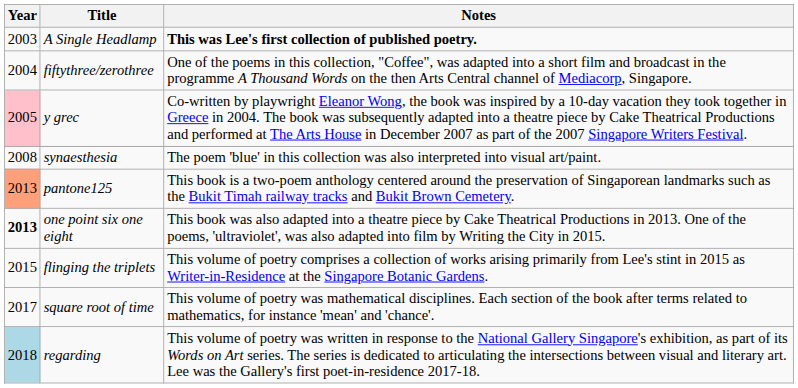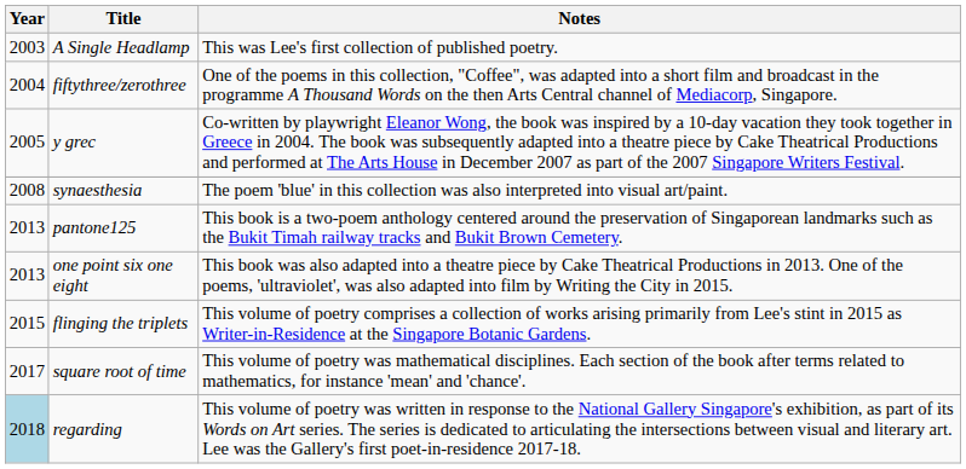 <table class="wikitable sortable">
 <tr>
 <th>Year</th>
 <th>Title</th>
 <th class="unsortable">Notes</th>
 </tr>
 <tr>
 <td>2003</td>
 <td><em>A Single Headlamp</em></td>
-<td><strong>This was Lee's first collection of published poetry.</strong></td>
+<td>This was Lee's first collection of published poetry.</td>
 </tr>
 <tr>
 <td>2004</td>
 <td><em>fiftythree/zerothree</em></td>
 <td>One of the poems in this collection, "Coffee", was adapted into a short film and broadcast in the programme <em>A Thousand Words</em> on the then Arts Central channel of <a href='#'>Mediacorp</a>, Singapore.</td>
 </tr>
 <tr>
-<td style="background: pink;">2005</td>
+<td>2005</td>
 <td><em>y grec</em></td>
 <td>Co-written by playwright <a href='#'>Eleanor Wong</a>, the book was inspired by a 10-day vacation they took together in <a href='#'>Greece</a> in 2004. The book was subsequently adapted into a theatre piece by Cake Theatrical Productions and performed at <a href='#'>The Arts House</a> in December 2007 as part of the 2007 <a href='#'>Singapore Writers Festival</a>.</td>
 </tr>
 <tr>
 </tr>
 <tr>
 <td>2008</td>
 <td><em>synaesthesia</em></td>
 <td>The poem 'blue' in this collection was also interpreted into visual art/paint.</td>
 </tr>
 <tr>
-<td style="background: lightsalmon;">2013</td>
+<td>2013</td>
 <td><em>pantone125</em></td>
 <td>This book is a two-poem anthology centered around the preservation of Singaporean landmarks such as the <a href='#'>Bukit Timah railway tracks</a> and <a href='#'>Bukit Brown Cemetery</a>.</td>
 </tr>
 <tr>
-<td><strong>2013</strong></td>
+<td>2013</td>
 <td><em>one point six one eight</em></td>
 <td>This book was also adapted into a theatre piece by Cake Theatrical Productions in 2013. One of the poems, 'ultraviolet', was also adapted into film by Writing the City in 2015.</td>
 </tr>
 <tr>
 <td>2015</td>
 <td><em>flinging the triplets</em></td>
 <td>This volume of poetry comprises a collection of works arising primarily from Lee's stint in 2015 as <a href='#'>Writer-in-Residence</a> at the <a href='#'>Singapore Botanic Gardens</a>.</td>
 </tr>
 <tr>
 <td>2017</td>
 <td><em>square root of time</em></td>
 <td>This volume of poetry was mathematical disciplines. Each section of the book after terms related to mathematics, for instance 'mean' and 'chance'.</td>
 </tr>
 <tr>
 <td style="background: lightblue;">2018</td>
 <td><em>regarding</em></td>
 <td>This volume of poetry was written in response to the <a href='#'>National Gallery Singapore</a>'s exhibition, as part of its <em>Words on Art</em> series. The series is dedicated to articulating the intersections between visual and literary art. Lee was the Gallery's first poet-in-residence 2017-18.</td>
 </tr>
 </table>
